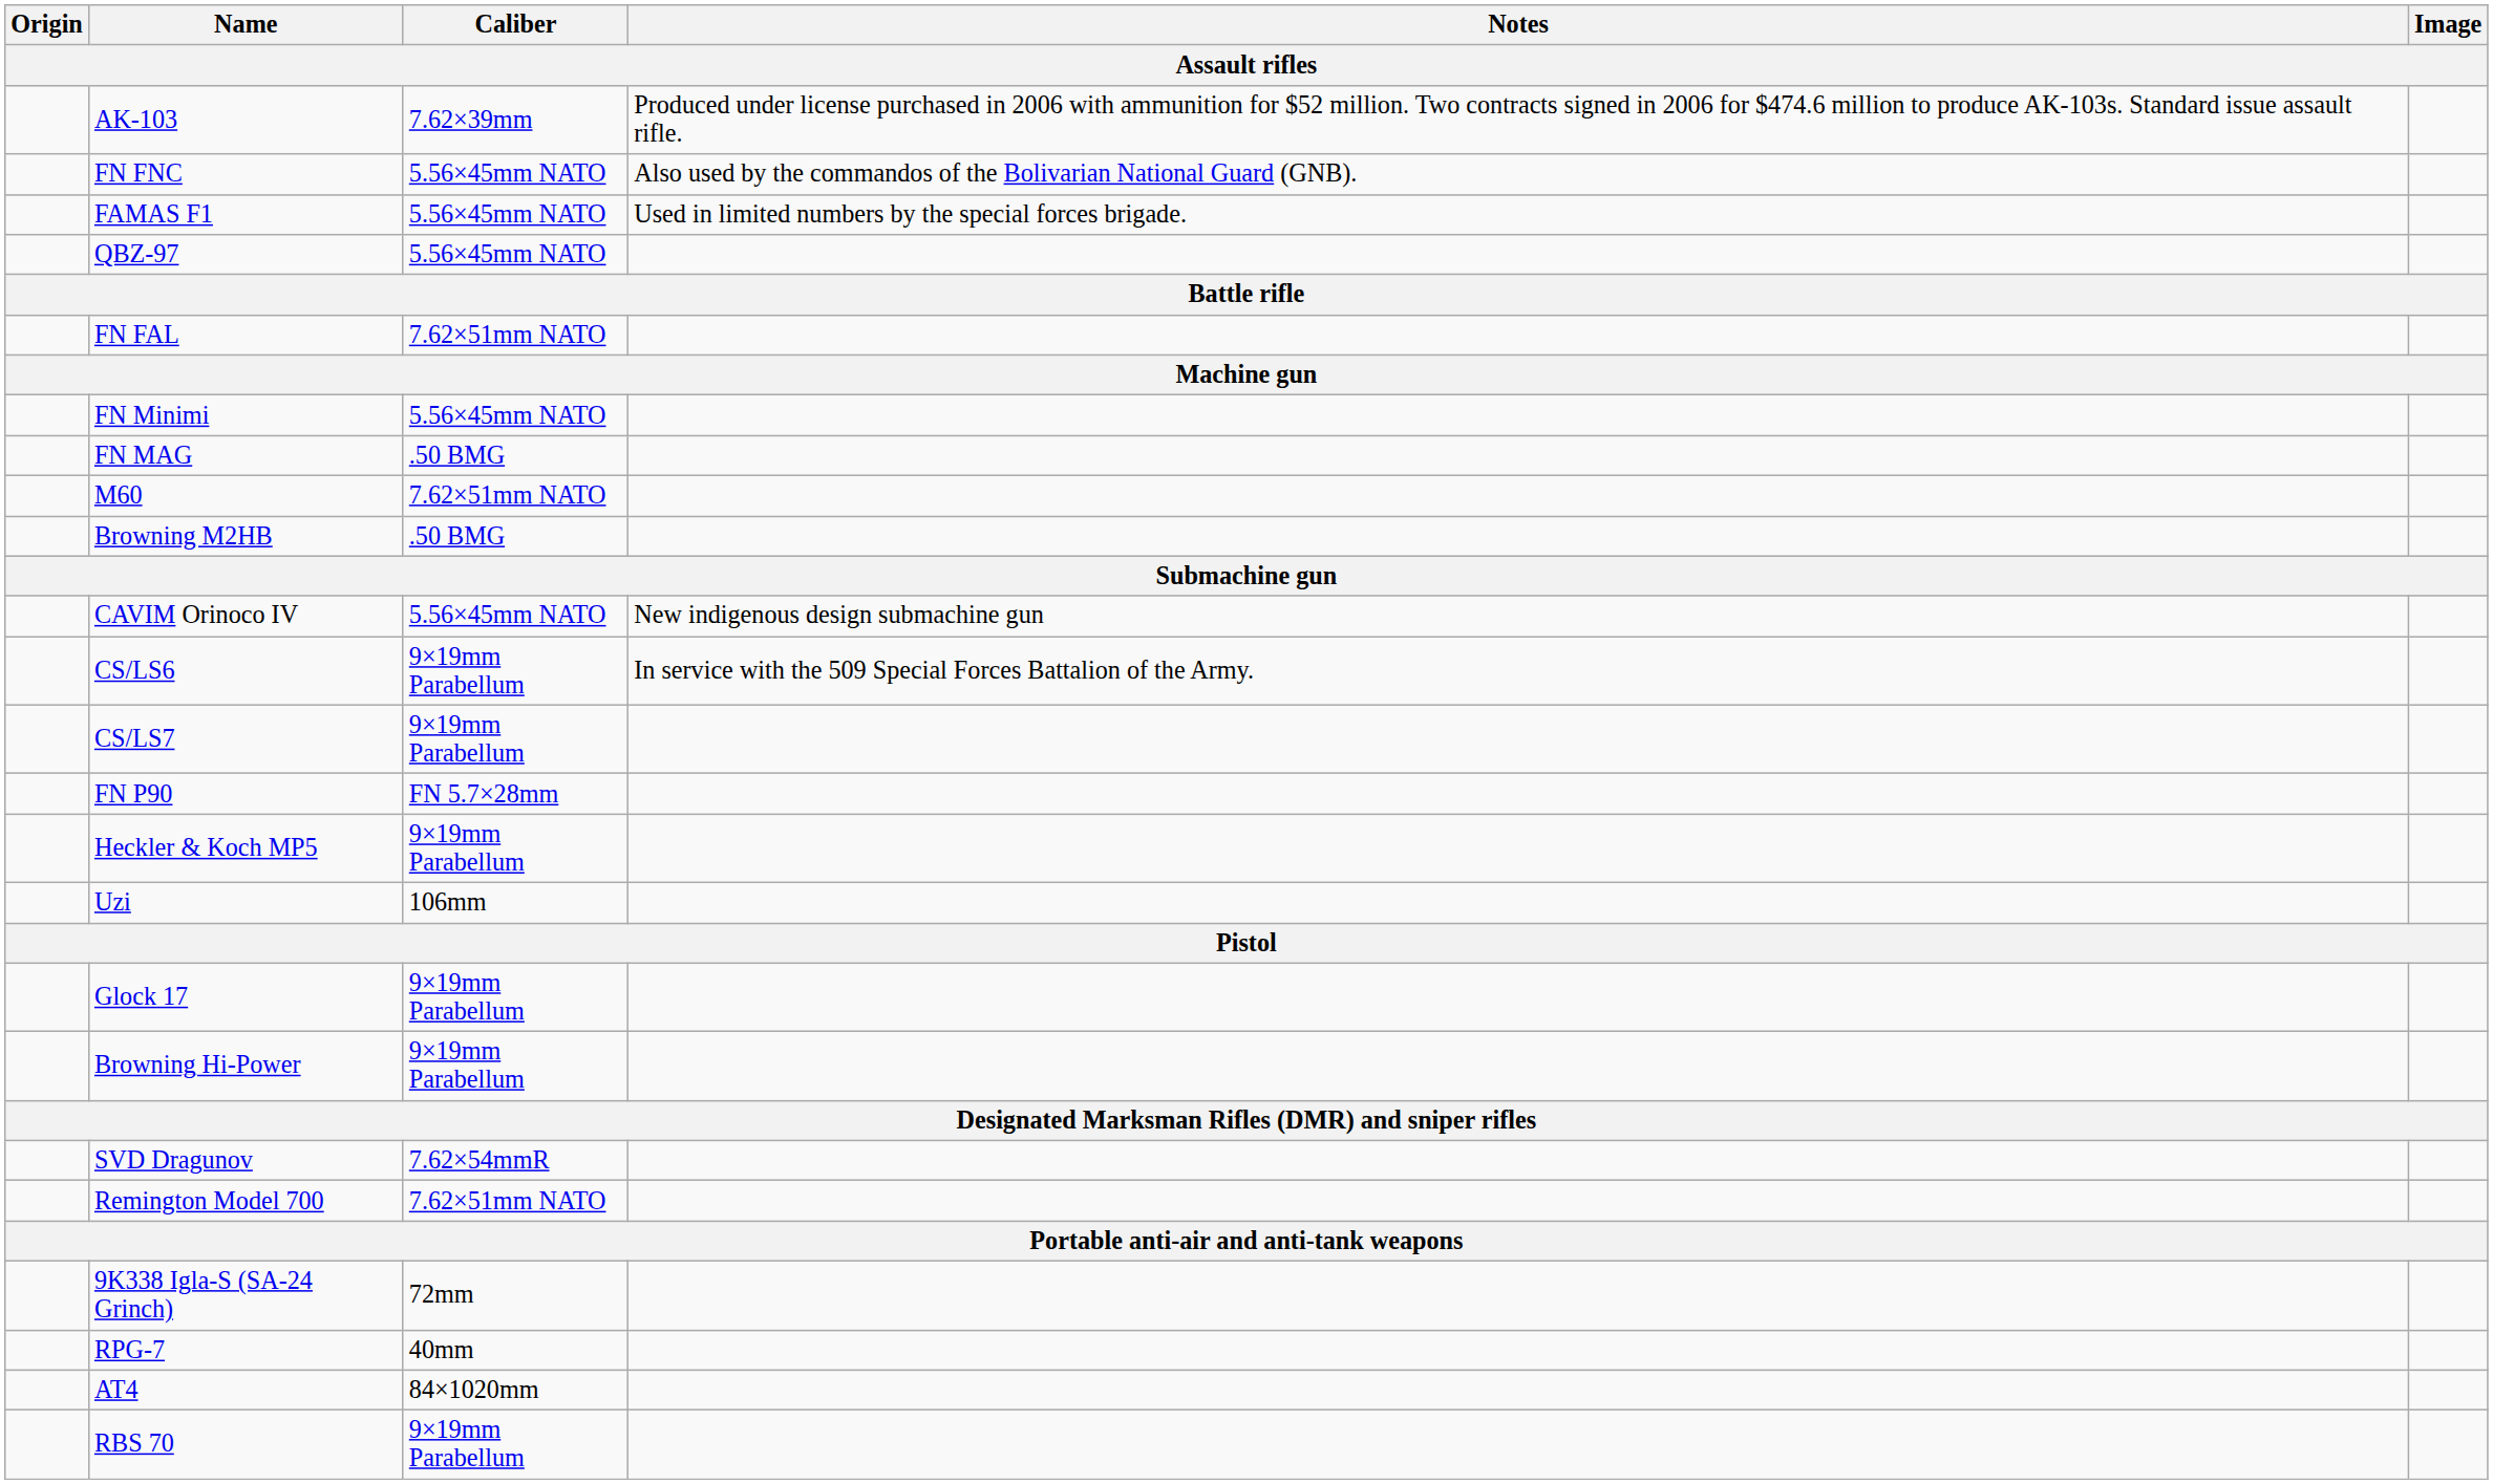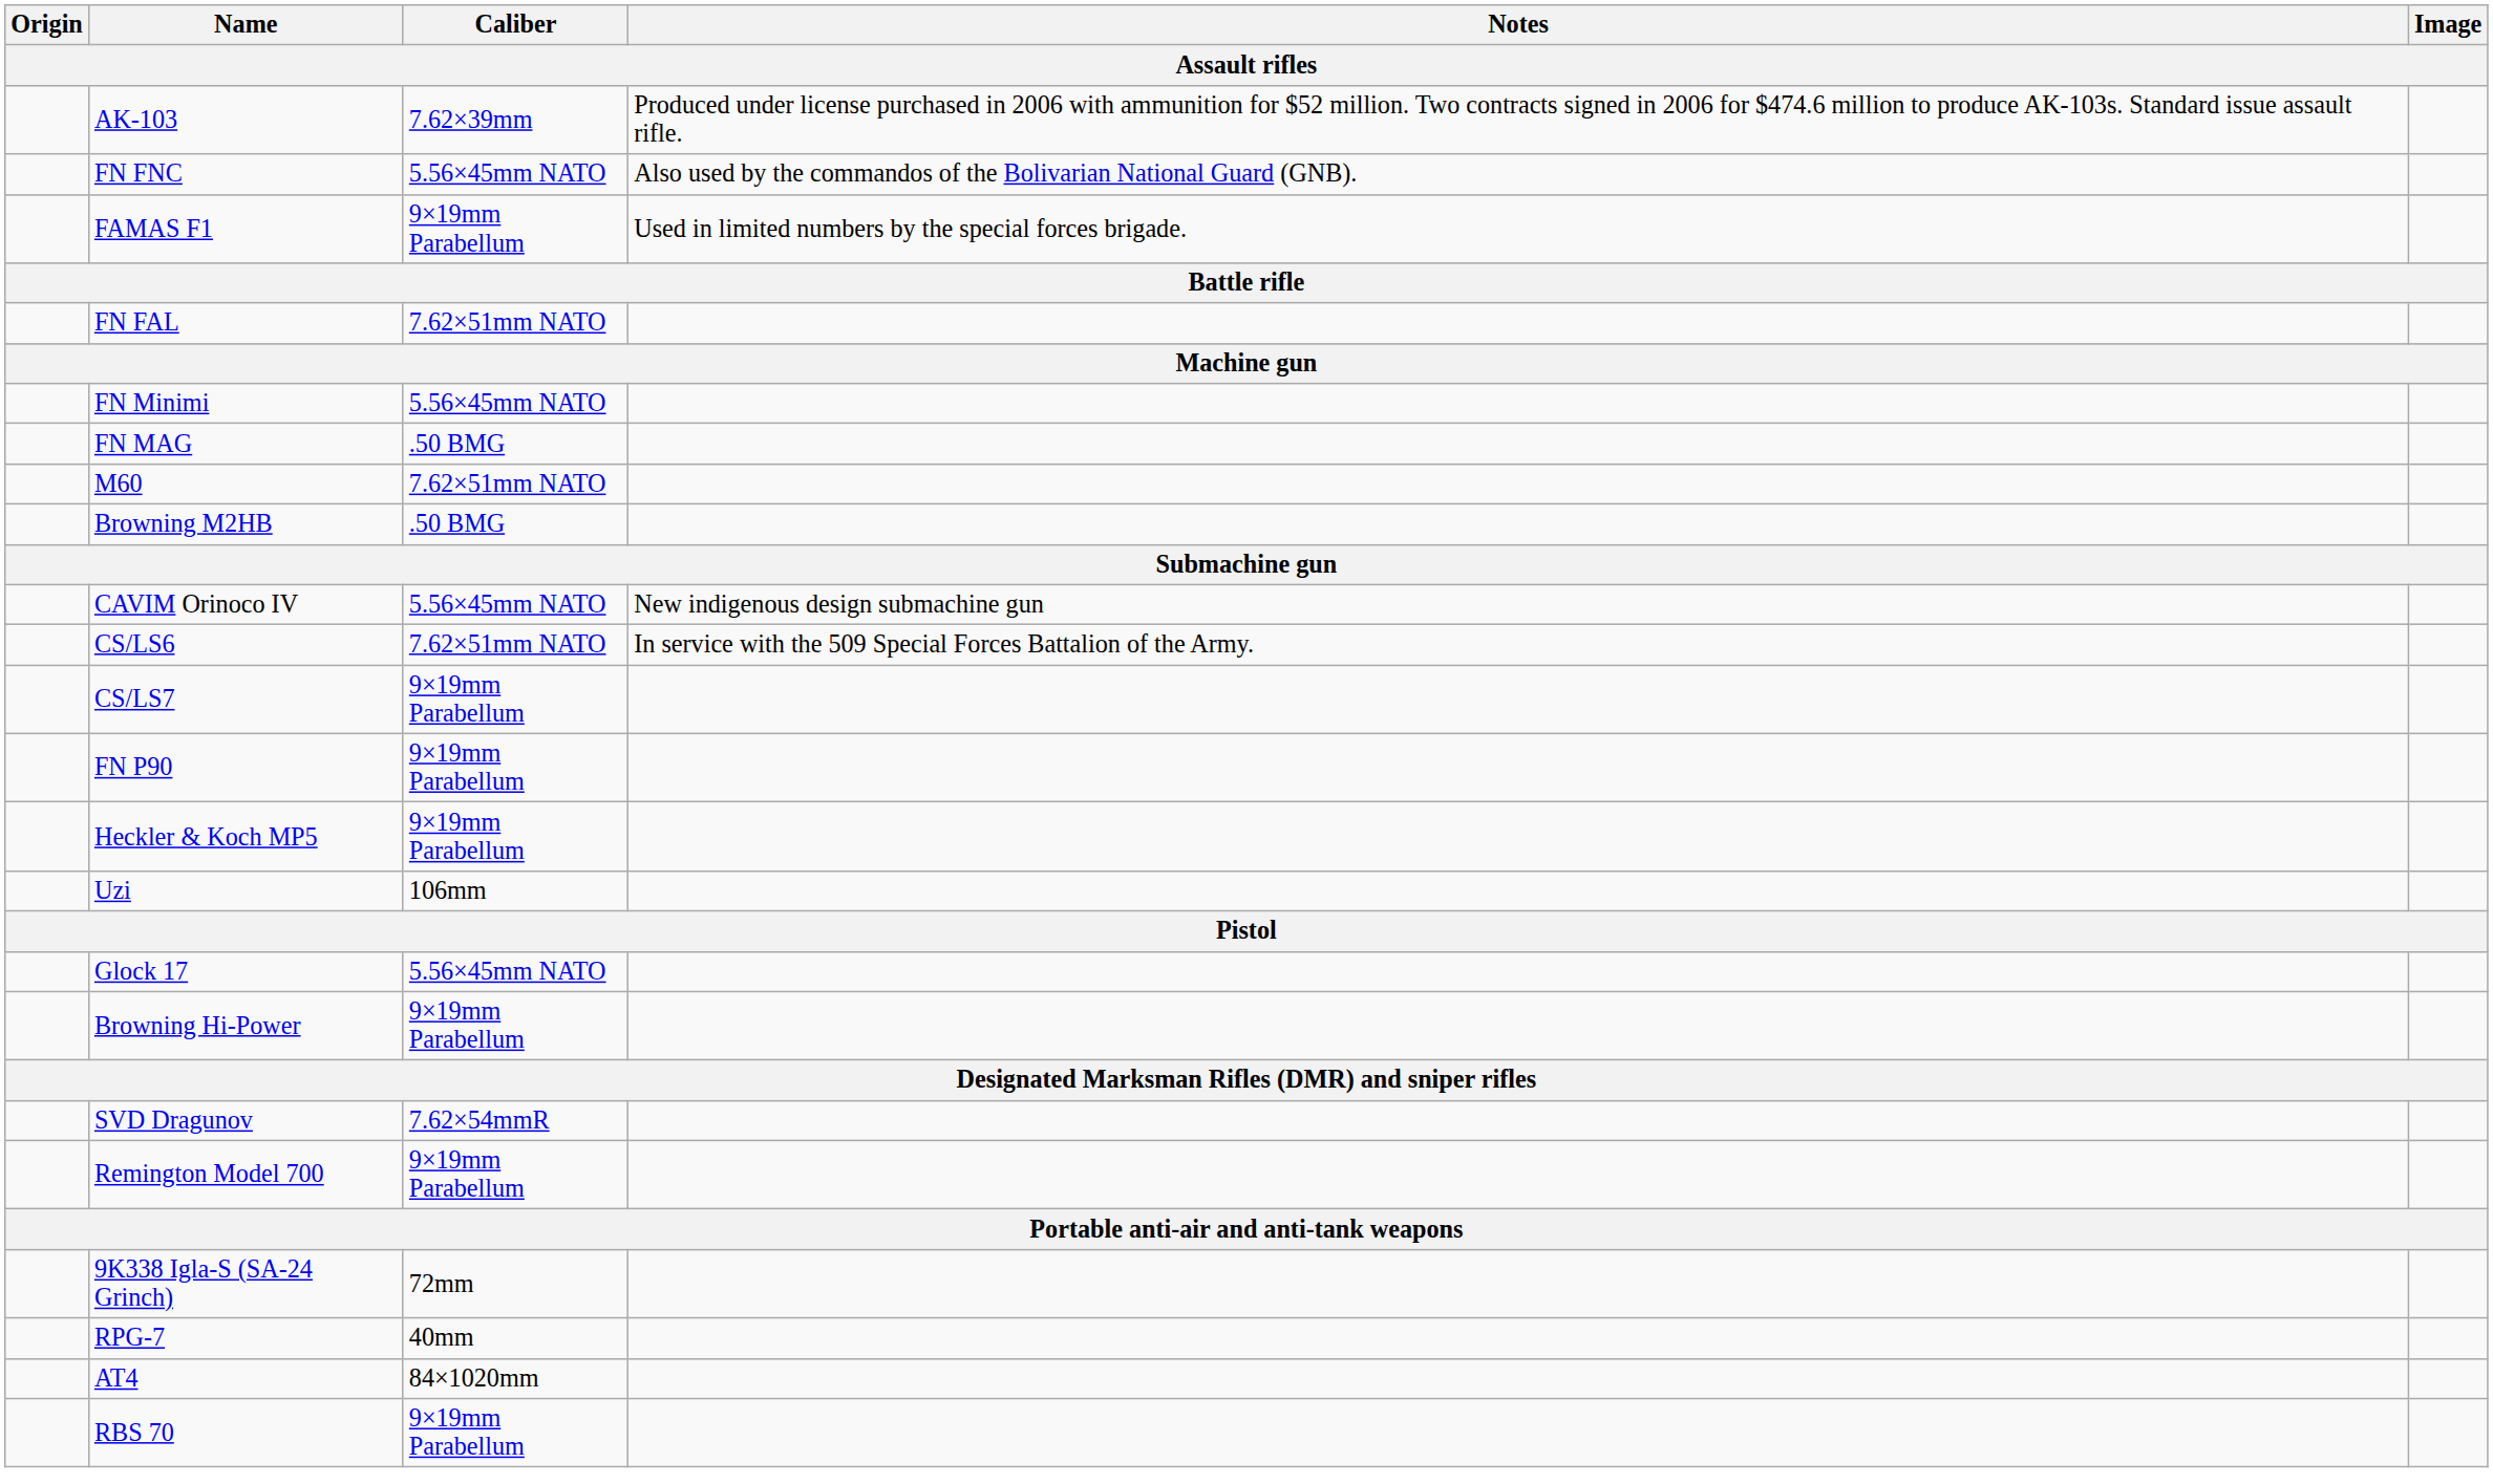 <table class="wikitable">
 <tr>
 <th>Origin</th>
 <th>Name</th>
 <th>Caliber</th>
 <th>Notes</th>
 <th>Image</th>
 </tr>
 <tr>
 <th colspan="5">Assault rifles</th>
 </tr>
 <tr>
 <td><br></td>
 <td><a href='#'>AK-103</a></td>
 <td><a href='#'>7.62×39mm</a></td>
 <td>Produced under license purchased in 2006 with ammunition for $52 million. Two contracts signed in 2006 for $474.6 million to produce AK-103s. Standard issue assault rifle.</td>
 <td></td>
 </tr>
 <tr>
 <td></td>
 <td><a href='#'>FN FNC</a></td>
 <td><a href='#'>5.56×45mm NATO</a></td>
 <td>Also used by the commandos of the <a href='#'>Bolivarian National Guard</a> (GNB).</td>
 <td></td>
 </tr>
 <tr>
 <td></td>
 <td><a href='#'>FAMAS F1</a></td>
-<td><a href='#'>5.56×45mm NATO</a></td>
+<td><a href='#'>9×19mm Parabellum</a></td>
 <td>Used in limited numbers by the special forces brigade.</td>
-<td></td>
-</tr>
-<tr>
-<td></td>
-<td><a href='#'>QBZ-97</a></td>
-<td><a href='#'>5.56×45mm NATO</a></td>
-<td></td>
 <td></td>
 </tr>
 <tr>
 <th colspan="5">Battle rifle</th>
 </tr>
 <tr>
 <td></td>
 <td><a href='#'>FN FAL</a></td>
 <td><a href='#'>7.62×51mm NATO</a></td>
 <td></td>
 <td></td>
 </tr>
 <tr>
 <th colspan="5">Machine gun</th>
 </tr>
 <tr>
 <td></td>
 <td><a href='#'>FN Minimi</a></td>
 <td><a href='#'>5.56×45mm NATO</a></td>
 <td></td>
 <td></td>
 </tr>
 <tr>
 <td></td>
 <td><a href='#'>FN MAG</a></td>
 <td><a href='#'>.50 BMG</a></td>
 <td></td>
 <td></td>
 </tr>
 <tr l>
 <td></td>
 <td><a href='#'>M60</a></td>
 <td><a href='#'>7.62×51mm NATO</a></td>
 <td></td>
 <td></td>
 </tr>
 <tr>
 <td></td>
 <td><a href='#'>Browning M2HB</a></td>
 <td><a href='#'>.50 BMG</a></td>
 <td></td>
 <td></td>
 </tr>
 <tr>
 <th colspan="5" style="align: center;">Submachine gun</th>
 </tr>
 <tr>
 <td></td>
 <td><a href='#'>CAVIM</a> Orinoco IV</td>
 <td><a href='#'>5.56×45mm NATO</a></td>
 <td>New indigenous design submachine gun</td>
 <td></td>
 </tr>
 <tr>
 <td></td>
 <td><a href='#'>CS/LS6</a></td>
-<td><a href='#'>9×19mm Parabellum</a></td>
+<td><a href='#'>7.62×51mm NATO</a></td>
 <td>In service with the 509 Special Forces Battalion of the Army.</td>
 <td></td>
 </tr>
 <tr>
 <td></td>
 <td><a href='#'>CS/LS7</a></td>
 <td><a href='#'>9×19mm Parabellum</a></td>
 <td></td>
 <td></td>
 </tr>
 <tr>
 <td></td>
 <td><a href='#'>FN P90</a></td>
-<td><a href='#'>FN 5.7×28mm</a></td>
+<td><a href='#'>9×19mm Parabellum</a></td>
 <td></td>
 <td></td>
 </tr>
 <tr>
 <td></td>
 <td><a href='#'>Heckler & Koch MP5</a></td>
 <td><a href='#'>9×19mm Parabellum</a></td>
 <td></td>
 <td></td>
 </tr>
 <tr>
 <td></td>
 <td><a href='#'>Uzi</a></td>
 <td>106mm</td>
 <td></td>
 <td></td>
 </tr>
 <tr>
 <th colspan="5">Pistol</th>
 </tr>
 <tr>
 <td></td>
 <td><a href='#'>Glock 17</a></td>
-<td><a href='#'>9×19mm Parabellum</a></td>
+<td><a href='#'>5.56×45mm NATO</a></td>
 <td></td>
 <td></td>
 </tr>
 <tr>
 <td></td>
 <td><a href='#'>Browning Hi-Power</a></td>
 <td><a href='#'>9×19mm Parabellum</a></td>
 <td></td>
 <td></td>
 </tr>
 <tr>
 <th colspan="5">Designated Marksman Rifles (DMR) and sniper rifles</th>
 </tr>
 <tr>
 <td></td>
 <td><a href='#'>SVD Dragunov</a></td>
 <td><a href='#'>7.62×54mmR</a></td>
 <td></td>
 <td></td>
 </tr>
 <tr>
 <td></td>
 <td><a href='#'>Remington Model 700</a></td>
-<td><a href='#'>7.62×51mm NATO</a></td>
+<td><a href='#'>9×19mm Parabellum</a></td>
 <td></td>
 <td></td>
 </tr>
 <tr>
 <th colspan="5">Portable anti-air and anti-tank weapons</th>
 </tr>
 <tr>
 <td></td>
 <td><a href='#'>9K338 Igla-S (SA-24 Grinch)</a></td>
 <td>72mm</td>
 <td></td>
 <td></td>
 </tr>
 <tr>
 <td></td>
 <td><a href='#'>RPG-7</a></td>
 <td>40mm</td>
 <td></td>
 <td></td>
 </tr>
 <tr>
 <td></td>
 <td><a href='#'>AT4</a></td>
 <td>84×1020mm</td>
 <td></td>
 <td></td>
 </tr>
 <tr>
 <td></td>
 <td><a href='#'>RBS 70</a></td>
 <td><a href='#'>9×19mm Parabellum</a></td>
 <td></td>
 <td></td>
 </tr>
 </table>
